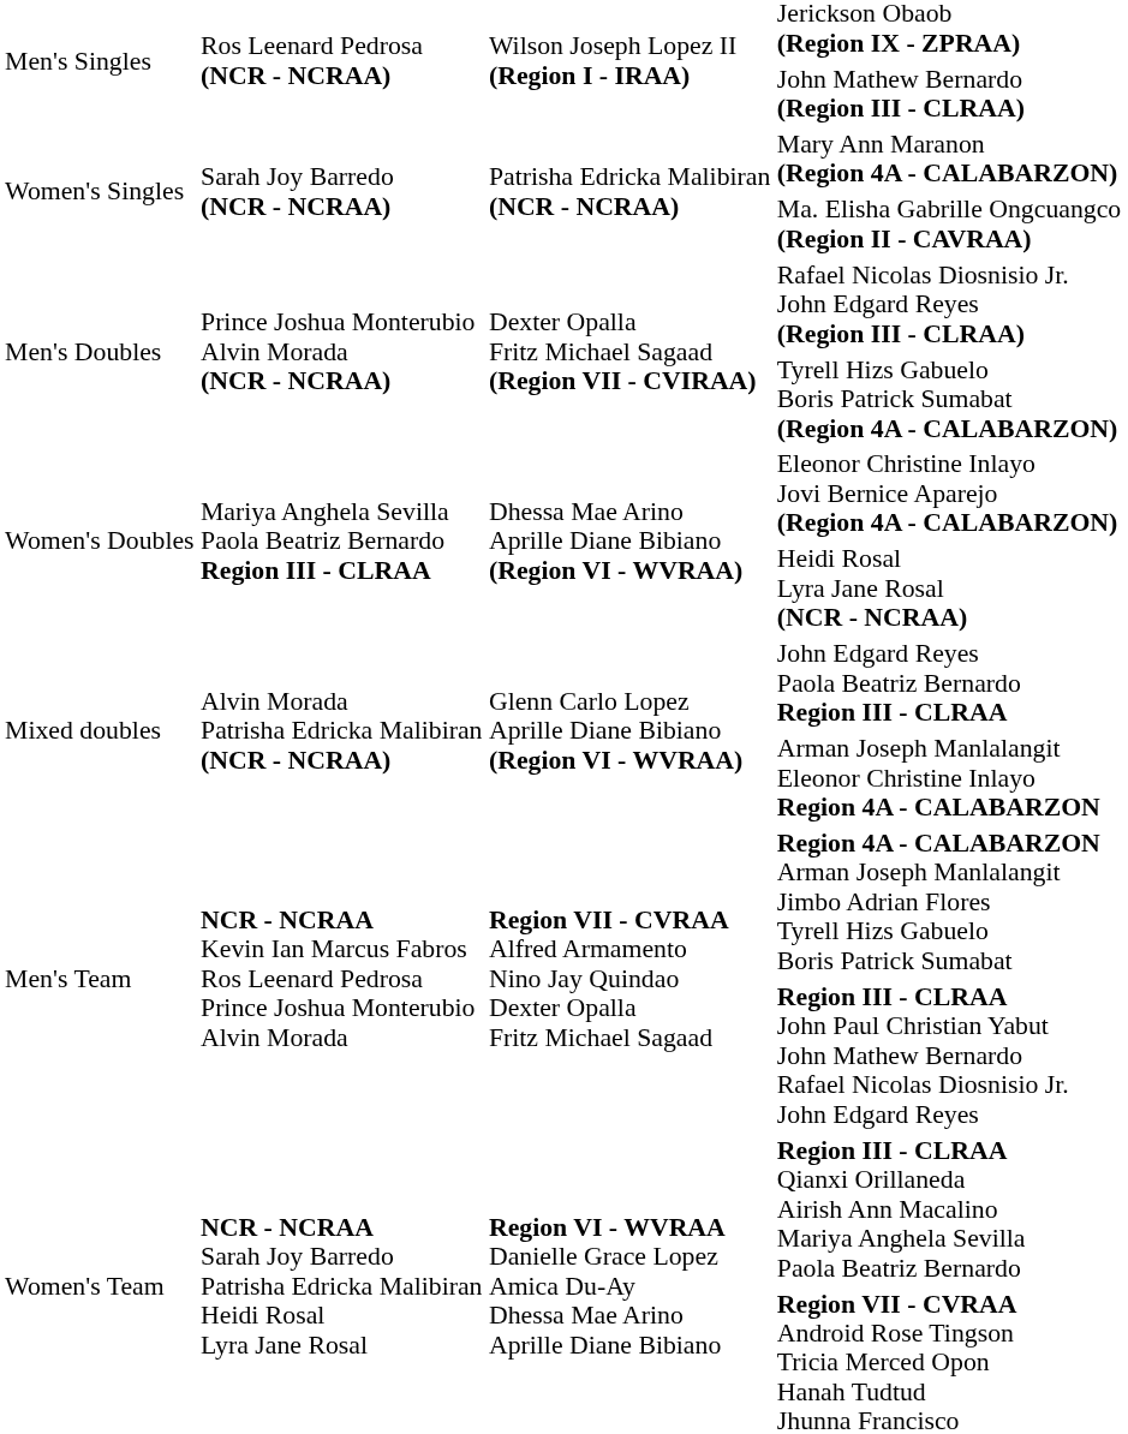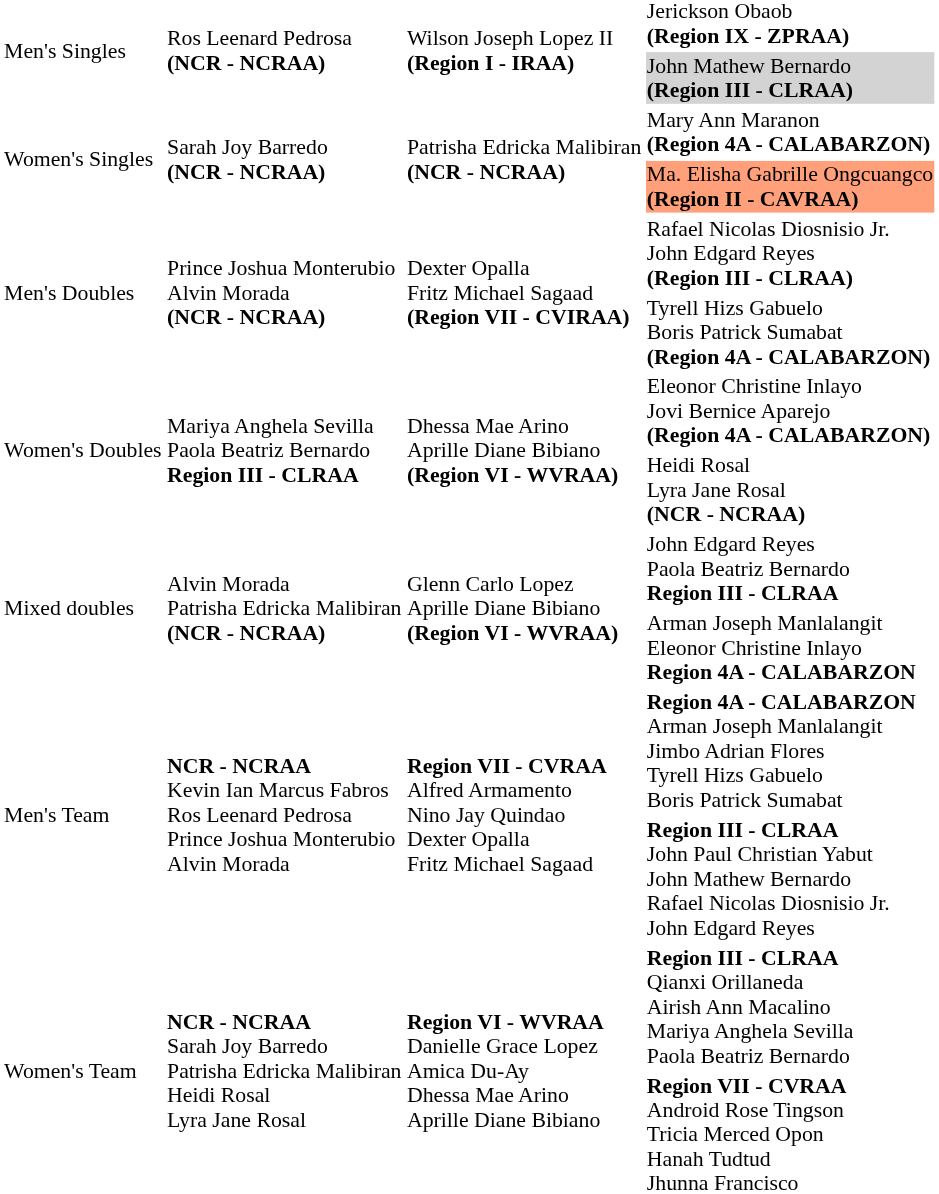 <table>
 <tr>
 <td rowspan=2>Men's Singles</td>
 <td rowspan=2>Ros Leenard Pedrosa <br><strong>(NCR - NCRAA)</strong></td>
 <td rowspan=2>Wilson Joseph Lopez II<br><strong>(Region I - IRAA)</strong></td>
 <td>Jerickson Obaob <br><strong>(Region IX - ZPRAA)</strong></td>
 </tr>
 <tr>
-<td>John Mathew Bernardo <br><strong>(Region III - CLRAA)</strong></td>
+<td style="background: lightgrey;">John Mathew Bernardo <br><strong>(Region III - CLRAA)</strong></td>
 </tr>
 <tr>
 <td rowspan=2>Women's Singles</td>
 <td rowspan=2>Sarah Joy Barredo<br><strong>(NCR - NCRAA)</strong></td>
 <td rowspan=2>Patrisha Edricka Malibiran<br><strong>(NCR - NCRAA)</strong></td>
 <td>Mary Ann Maranon<br><strong>(Region 4A - CALABARZON)</strong></td>
 </tr>
 <tr>
-<td>Ma. Elisha Gabrille Ongcuangco<br><strong>(Region II - CAVRAA)</strong></td>
+<td style="background: lightsalmon;">Ma. Elisha Gabrille Ongcuangco<br><strong>(Region II - CAVRAA)</strong></td>
 </tr>
 <tr>
 <td rowspan=2>Men's Doubles</td>
 <td rowspan=2>Prince Joshua Monterubio<br>Alvin Morada<br><strong>(NCR - NCRAA)</strong></td>
 <td rowspan=2>Dexter Opalla<br>Fritz Michael Sagaad<br><strong>(Region VII - CVIRAA)</strong></td>
 <td>Rafael Nicolas Diosnisio Jr.<br>John Edgard Reyes<br><strong>(Region III - CLRAA)</strong></td>
 </tr>
 <tr>
 <td>Tyrell Hizs Gabuelo<br>Boris Patrick Sumabat<br><strong>(Region 4A - CALABARZON)</strong></td>
 </tr>
 <tr>
 <td rowspan=2>Women's Doubles</td>
 <td rowspan=2>Mariya Anghela Sevilla<br>Paola Beatriz Bernardo<br><strong>Region III - CLRAA</strong></td>
 <td rowspan=2>Dhessa Mae Arino<br>Aprille Diane Bibiano<br><strong>(Region VI - WVRAA)</strong></td>
 <td>Eleonor Christine Inlayo<br>Jovi Bernice Aparejo<br><strong>(Region 4A - CALABARZON)</strong></td>
 </tr>
 <tr>
 <td>Heidi Rosal<br>Lyra Jane Rosal<br><strong>(NCR - NCRAA)</strong></td>
 </tr>
 <tr>
 <td rowspan=2>Mixed doubles</td>
 <td rowspan=2>Alvin Morada<br>Patrisha Edricka Malibiran<br><strong>(NCR - NCRAA)</strong></td>
 <td rowspan=2>Glenn Carlo Lopez<br>Aprille Diane Bibiano<br><strong>(Region VI - WVRAA)</strong></td>
 <td>John Edgard Reyes<br>Paola Beatriz Bernardo<br><strong>Region III - CLRAA</strong></td>
 </tr>
 <tr>
 <td>Arman Joseph Manlalangit<br>Eleonor Christine Inlayo<br><strong>Region 4A - CALABARZON</strong></td>
 </tr>
 <tr>
 <td rowspan=2>Men's Team</td>
 <td rowspan=2><strong>NCR - NCRAA</strong><br>Kevin Ian Marcus Fabros<br>Ros Leenard Pedrosa<br>Prince Joshua Monterubio<br>Alvin Morada</td>
 <td rowspan=2><strong>Region VII - CVRAA</strong><br>Alfred Armamento<br>Nino Jay Quindao<br>Dexter Opalla<br>Fritz Michael Sagaad</td>
 <td><strong>Region 4A - CALABARZON</strong><br>Arman Joseph Manlalangit<br>Jimbo Adrian Flores<br>Tyrell Hizs Gabuelo<br>Boris Patrick Sumabat</td>
 </tr>
 <tr>
 <td><strong>Region III - CLRAA</strong><br>John Paul Christian Yabut<br>John Mathew Bernardo<br>Rafael Nicolas Diosnisio Jr.<br>John Edgard Reyes</td>
 </tr>
 <tr>
 <td rowspan=2>Women's Team</td>
 <td rowspan=2><strong>NCR - NCRAA</strong><br>Sarah Joy Barredo<br>Patrisha Edricka Malibiran<br>Heidi Rosal<br>Lyra Jane Rosal</td>
 <td rowspan=2><strong>Region VI - WVRAA</strong><br>Danielle Grace Lopez<br>Amica Du-Ay<br>Dhessa Mae Arino<br>Aprille Diane Bibiano</td>
 <td><strong>Region III - CLRAA</strong><br>Qianxi Orillaneda<br>Airish Ann Macalino<br>Mariya Anghela Sevilla<br>Paola Beatriz Bernardo</td>
 </tr>
 <tr>
 <td><strong>Region VII - CVRAA</strong><br>Android Rose Tingson<br>Tricia Merced Opon<br>Hanah Tudtud<br>Jhunna Francisco</td>
 </tr>
 </table>
